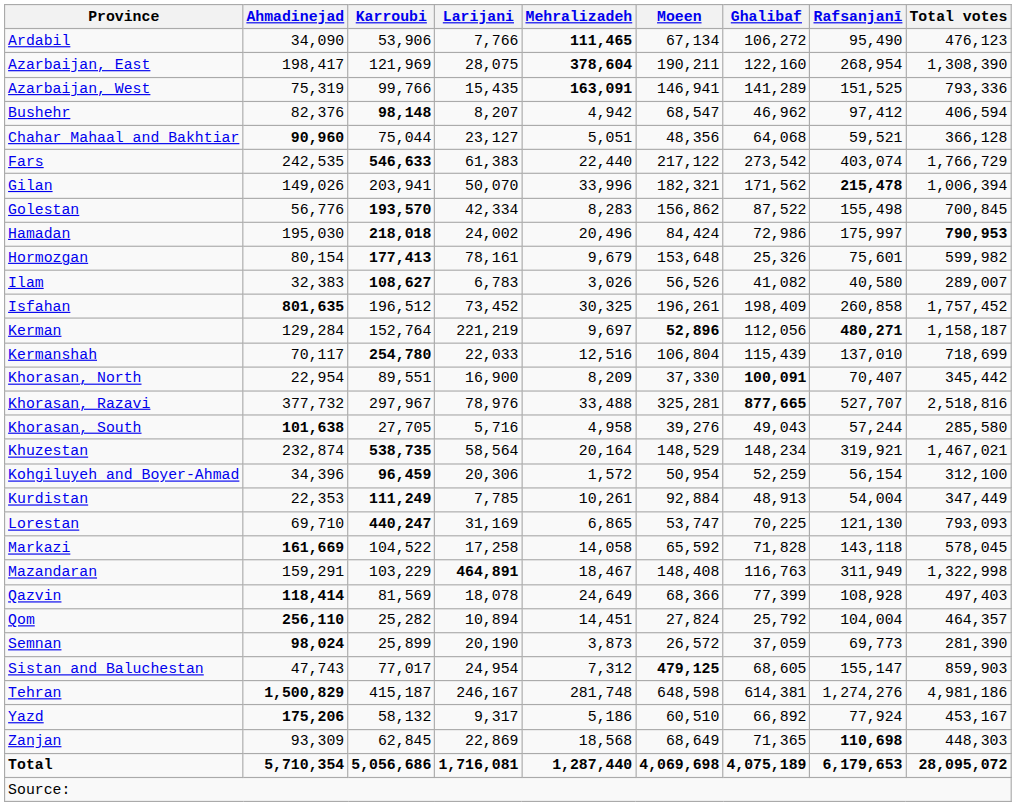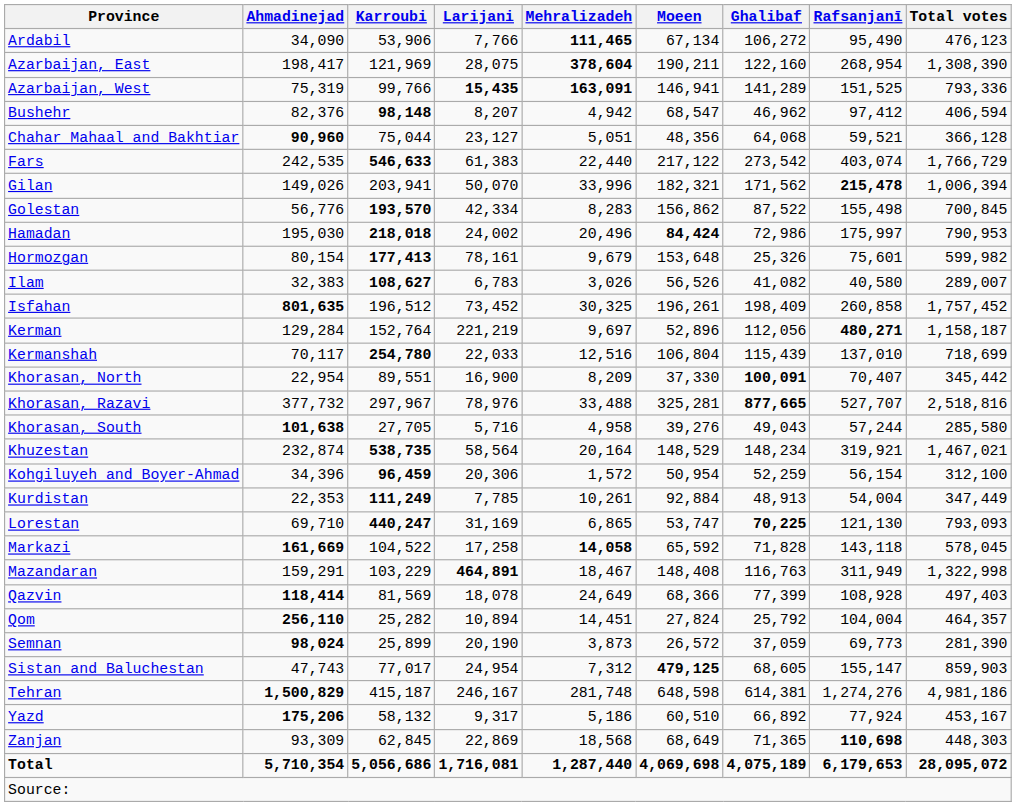 <table class="wikitable sortable" style=text-align:right>
 <tr>
 <th>Province</th>
 <th><a href='#'>Ahmadinejad</a></th>
 <th><a href='#'>Karroubi</a></th>
 <th><a href='#'>Larijani</a></th>
 <th><a href='#'>Mehralizadeh</a></th>
 <th><a href='#'>Moeen</a></th>
 <th><a href='#'>Ghalibaf</a></th>
 <th><a href='#'>Rafsanjanī</a></th>
 <th>Total votes</th>
 </tr>
 <tr>
 <td align=left><a href='#'>Ardabil</a></td>
 <td>34,090</td>
 <td>53,906</td>
 <td>7,766</td>
 <td><strong>111,465</strong></td>
 <td>67,134</td>
 <td>106,272</td>
 <td>95,490</td>
 <td>476,123</td>
 </tr>
 <tr>
 <td align=left><a href='#'>Azarbaijan, East</a></td>
 <td>198,417</td>
 <td>121,969</td>
 <td>28,075</td>
 <td><strong>378,604</strong></td>
 <td>190,211</td>
 <td>122,160</td>
 <td>268,954</td>
 <td>1,308,390</td>
 </tr>
 <tr>
 <td align=left><a href='#'>Azarbaijan, West</a></td>
 <td>75,319</td>
 <td>99,766</td>
-<td>15,435</td>
+<td><strong>15,435</strong></td>
 <td><strong>163,091</strong></td>
 <td>146,941</td>
 <td>141,289</td>
 <td>151,525</td>
 <td>793,336</td>
 </tr>
 <tr>
 <td align=left><a href='#'>Bushehr</a></td>
 <td>82,376</td>
 <td><strong>98,148</strong></td>
 <td>8,207</td>
 <td>4,942</td>
 <td>68,547</td>
 <td>46,962</td>
 <td>97,412</td>
 <td>406,594</td>
 </tr>
 <tr>
 <td align=left><a href='#'>Chahar Mahaal and Bakhtiar</a></td>
 <td><strong>90,960</strong></td>
 <td>75,044</td>
 <td>23,127</td>
 <td>5,051</td>
 <td>48,356</td>
 <td>64,068</td>
 <td>59,521</td>
 <td>366,128</td>
 </tr>
 <tr>
 <td align=left><a href='#'>Fars</a></td>
 <td>242,535</td>
 <td><strong>546,633</strong></td>
 <td>61,383</td>
 <td>22,440</td>
 <td>217,122</td>
 <td>273,542</td>
 <td>403,074</td>
 <td>1,766,729</td>
 </tr>
 <tr>
 <td align=left><a href='#'>Gilan</a></td>
 <td>149,026</td>
 <td>203,941</td>
 <td>50,070</td>
 <td>33,996</td>
 <td>182,321</td>
 <td>171,562</td>
 <td><strong>215,478</strong></td>
 <td>1,006,394</td>
 </tr>
 <tr>
 <td align=left><a href='#'>Golestan</a></td>
 <td>56,776</td>
 <td><strong>193,570</strong></td>
 <td>42,334</td>
 <td>8,283</td>
 <td>156,862</td>
 <td>87,522</td>
 <td>155,498</td>
 <td>700,845</td>
 </tr>
 <tr>
 <td align=left><a href='#'>Hamadan</a></td>
 <td>195,030</td>
 <td><strong>218,018</strong></td>
 <td>24,002</td>
 <td>20,496</td>
-<td>84,424</td>
+<td><strong>84,424</strong></td>
 <td>72,986</td>
 <td>175,997</td>
-<td><strong>790,953</strong></td>
+<td>790,953</td>
 </tr>
 <tr>
 <td align=left><a href='#'>Hormozgan</a></td>
 <td>80,154</td>
 <td><strong>177,413</strong></td>
 <td>78,161</td>
 <td>9,679</td>
 <td>153,648</td>
 <td>25,326</td>
 <td>75,601</td>
 <td>599,982</td>
 </tr>
 <tr>
 <td align=left><a href='#'>Ilam</a></td>
 <td>32,383</td>
 <td><strong>108,627</strong></td>
 <td>6,783</td>
 <td>3,026</td>
 <td>56,526</td>
 <td>41,082</td>
 <td>40,580</td>
 <td>289,007</td>
 </tr>
 <tr>
 <td align=left><a href='#'>Isfahan</a></td>
 <td><strong>801,635</strong></td>
 <td>196,512</td>
 <td>73,452</td>
 <td>30,325</td>
 <td>196,261</td>
 <td>198,409</td>
 <td>260,858</td>
 <td>1,757,452</td>
 </tr>
 <tr>
 <td align=left><a href='#'>Kerman</a></td>
 <td>129,284</td>
 <td>152,764</td>
 <td>221,219</td>
 <td>9,697</td>
-<td><strong>52,896</strong></td>
+<td>52,896</td>
 <td>112,056</td>
 <td><strong>480,271</strong></td>
 <td>1,158,187</td>
 </tr>
 <tr>
 <td align=left><a href='#'>Kermanshah</a></td>
 <td>70,117</td>
 <td><strong>254,780</strong></td>
 <td>22,033</td>
 <td>12,516</td>
 <td>106,804</td>
 <td>115,439</td>
 <td>137,010</td>
 <td>718,699</td>
 </tr>
 <tr>
 <td align=left><a href='#'>Khorasan, North</a></td>
 <td>22,954</td>
 <td>89,551</td>
 <td>16,900</td>
 <td>8,209</td>
 <td>37,330</td>
 <td><strong>100,091</strong></td>
 <td>70,407</td>
 <td>345,442</td>
 </tr>
 <tr>
 <td align=left><a href='#'>Khorasan, Razavi</a></td>
 <td>377,732</td>
 <td>297,967</td>
 <td>78,976</td>
 <td>33,488</td>
 <td>325,281</td>
 <td><strong>877,665</strong></td>
 <td>527,707</td>
 <td>2,518,816</td>
 </tr>
 <tr>
 <td align=left><a href='#'>Khorasan, South</a></td>
 <td><strong>101,638</strong></td>
 <td>27,705</td>
 <td>5,716</td>
 <td>4,958</td>
 <td>39,276</td>
 <td>49,043</td>
 <td>57,244</td>
 <td>285,580</td>
 </tr>
 <tr>
 <td align=left><a href='#'>Khuzestan</a></td>
 <td>232,874</td>
 <td><strong>538,735</strong></td>
 <td>58,564</td>
 <td>20,164</td>
 <td>148,529</td>
 <td>148,234</td>
 <td>319,921</td>
 <td>1,467,021</td>
 </tr>
 <tr>
 <td align=left><a href='#'>Kohgiluyeh and Boyer-Ahmad</a></td>
 <td>34,396</td>
 <td><strong>96,459</strong></td>
 <td>20,306</td>
 <td>1,572</td>
 <td>50,954</td>
 <td>52,259</td>
 <td>56,154</td>
 <td>312,100</td>
 </tr>
 <tr>
 <td align=left><a href='#'>Kurdistan</a></td>
 <td>22,353</td>
 <td><strong>111,249</strong></td>
 <td>7,785</td>
 <td>10,261</td>
 <td>92,884</td>
 <td>48,913</td>
 <td>54,004</td>
 <td>347,449</td>
 </tr>
 <tr>
 <td align=left><a href='#'>Lorestan</a></td>
 <td>69,710</td>
 <td><strong>440,247</strong></td>
 <td>31,169</td>
 <td>6,865</td>
 <td>53,747</td>
-<td>70,225</td>
+<td><strong>70,225</strong></td>
 <td>121,130</td>
 <td>793,093</td>
 </tr>
 <tr>
 <td align=left><a href='#'>Markazi</a></td>
 <td><strong>161,669</strong></td>
 <td>104,522</td>
 <td>17,258</td>
-<td>14,058</td>
+<td><strong>14,058</strong></td>
 <td>65,592</td>
 <td>71,828</td>
 <td>143,118</td>
 <td>578,045</td>
 </tr>
 <tr>
 <td align=left><a href='#'>Mazandaran</a></td>
 <td>159,291</td>
 <td>103,229</td>
 <td><strong>464,891</strong></td>
 <td>18,467</td>
 <td>148,408</td>
 <td>116,763</td>
 <td>311,949</td>
 <td>1,322,998</td>
 </tr>
 <tr>
 <td align=left><a href='#'>Qazvin</a></td>
 <td><strong>118,414</strong></td>
 <td>81,569</td>
 <td>18,078</td>
 <td>24,649</td>
 <td>68,366</td>
 <td>77,399</td>
 <td>108,928</td>
 <td>497,403</td>
 </tr>
 <tr>
 <td align=left><a href='#'>Qom</a></td>
 <td><strong>256,110</strong></td>
 <td>25,282</td>
 <td>10,894</td>
 <td>14,451</td>
 <td>27,824</td>
 <td>25,792</td>
 <td>104,004</td>
 <td>464,357</td>
 </tr>
 <tr>
 <td align=left><a href='#'>Semnan</a></td>
 <td><strong>98,024</strong></td>
 <td>25,899</td>
 <td>20,190</td>
 <td>3,873</td>
 <td>26,572</td>
 <td>37,059</td>
 <td>69,773</td>
 <td>281,390</td>
 </tr>
 <tr>
 <td align=left><a href='#'>Sistan and Baluchestan</a></td>
 <td>47,743</td>
 <td>77,017</td>
 <td>24,954</td>
 <td>7,312</td>
 <td><strong>479,125</strong></td>
 <td>68,605</td>
 <td>155,147</td>
 <td>859,903</td>
 </tr>
 <tr>
 <td align=left><a href='#'>Tehran</a></td>
 <td><strong>1,500,829</strong></td>
 <td>415,187</td>
 <td>246,167</td>
 <td>281,748</td>
 <td>648,598</td>
 <td>614,381</td>
 <td>1,274,276</td>
 <td>4,981,186</td>
 </tr>
 <tr>
 <td align=left><a href='#'>Yazd</a></td>
 <td><strong>175,206</strong></td>
 <td>58,132</td>
 <td>9,317</td>
 <td>5,186</td>
 <td>60,510</td>
 <td>66,892</td>
 <td>77,924</td>
 <td>453,167</td>
 </tr>
 <tr>
 <td align=left><a href='#'>Zanjan</a></td>
 <td>93,309</td>
 <td>62,845</td>
 <td>22,869</td>
 <td>18,568</td>
 <td>68,649</td>
 <td>71,365</td>
 <td><strong>110,698</strong></td>
 <td>448,303</td>
 </tr>
 <tr class=sortbottom style=font-weight:bold>
 <td align=left>Total</td>
 <td>5,710,354</td>
 <td>5,056,686</td>
 <td>1,716,081</td>
 <td>1,287,440</td>
 <td>4,069,698</td>
 <td>4,075,189</td>
 <td>6,179,653</td>
 <td>28,095,072</td>
 </tr>
 <tr class=sortbottom>
 <td align="left" colspan="9">Source: </td>
 </tr>
 </table>
